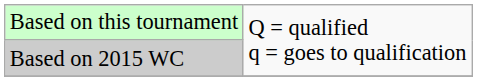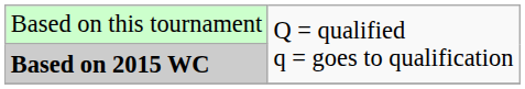 <table class="wikitable">
 <tr>
 <td style="background: #ccffcc;">Based on this tournament</td>
 <td rowspan=2>Q = qualified<br>q = goes to qualification</td>
 </tr>
 <tr>
-<td style="background: #cccccc;">Based on 2015 WC</td>
+<td style="background: #cccccc;"><strong>Based on 2015 WC</strong></td>
 </tr>
 <tr>
 </tr>
 </table>
